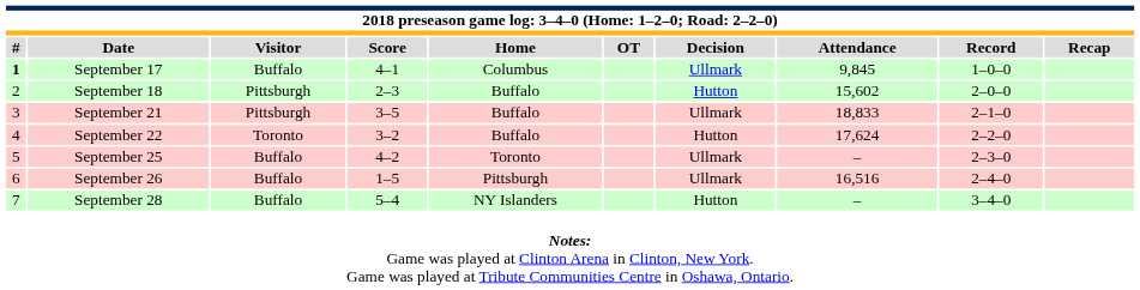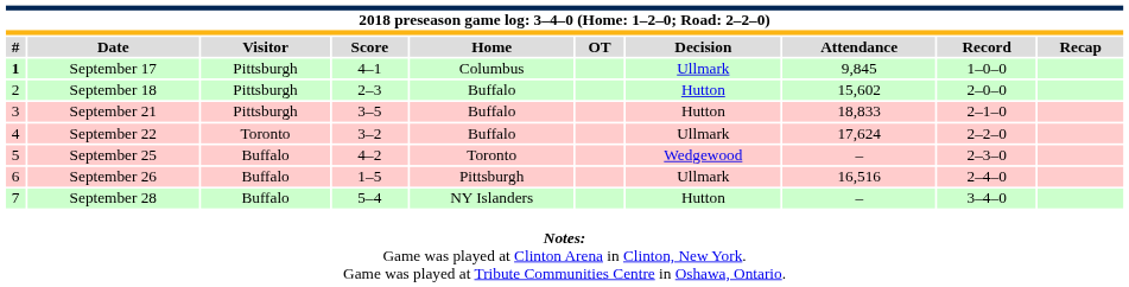 <table class="toccolours collapsible collapsed" style="width:90%; clear:both; margin:1.5em auto; text-align:center;">
 <tr>
 <th colspan="10" style="background:#FFFFFF; border-top:#002654 5px solid; border-bottom:#FCB514 5px solid;">2018 preseason game log: 3–4–0 (Home: 1–2–0; Road: 2–2–0)</th>
 </tr>
 <tr style="background:#ddd;">
 <th>#</th>
 <th>Date</th>
 <th>Visitor</th>
 <th>Score</th>
 <th>Home</th>
 <th>OT</th>
 <th>Decision</th>
 <th>Attendance</th>
 <th>Record</th>
 <th>Recap</th>
 </tr>
 <tr style="background:#cfc;">
 <td><strong>1</strong></td>
 <td>September 17</td>
-<td>Buffalo</td>
+<td>Pittsburgh</td>
 <td>4–1</td>
 <td>Columbus</td>
 <td></td>
 <td><a href='#'>Ullmark</a></td>
 <td>9,845</td>
 <td>1–0–0</td>
 <td></td>
 </tr>
 <tr style="background:#cfc;">
 <td>2</td>
 <td>September 18</td>
 <td>Pittsburgh</td>
 <td>2–3</td>
 <td>Buffalo</td>
 <td></td>
 <td><a href='#'>Hutton</a></td>
 <td>15,602</td>
 <td>2–0–0</td>
 <td></td>
 </tr>
 <tr style="background:#fcc;">
 <td>3</td>
 <td>September 21</td>
 <td>Pittsburgh</td>
 <td>3–5</td>
 <td>Buffalo</td>
 <td></td>
-<td>Ullmark</td>
+<td>Hutton</td>
 <td>18,833</td>
 <td>2–1–0</td>
 <td></td>
 </tr>
 <tr style="background:#fcc;">
 <td>4</td>
 <td>September 22</td>
 <td>Toronto</td>
 <td>3–2</td>
 <td>Buffalo</td>
 <td></td>
-<td>Hutton</td>
+<td>Ullmark</td>
 <td>17,624</td>
 <td>2–2–0</td>
 <td></td>
 </tr>
 <tr style="background:#fcc;">
 <td>5</td>
 <td>September 25</td>
 <td>Buffalo</td>
 <td>4–2</td>
 <td>Toronto</td>
 <td></td>
-<td>Ullmark</td>
+<td><a href='#'>Wedgewood</a></td>
 <td>–</td>
 <td>2–3–0</td>
 <td></td>
 </tr>
 <tr style="background:#fcc;">
 <td>6</td>
 <td>September 26</td>
 <td>Buffalo</td>
 <td>1–5</td>
 <td>Pittsburgh</td>
 <td></td>
 <td>Ullmark</td>
 <td>16,516</td>
 <td>2–4–0</td>
 <td></td>
 </tr>
 <tr style="background:#cfc;">
 <td>7</td>
 <td>September 28</td>
 <td>Buffalo</td>
 <td>5–4</td>
 <td>NY Islanders</td>
 <td></td>
 <td>Hutton</td>
 <td>–</td>
 <td>3–4–0</td>
 <td></td>
 </tr>
 <tr>
 <td colspan="10" style="text-align:center;"><br><strong><em>Notes:</em></strong><br>  Game was played at <a href='#'>Clinton Arena</a> in <a href='#'>Clinton, New York</a>.<br>  Game was played at <a href='#'>Tribute Communities Centre</a> in <a href='#'>Oshawa, Ontario</a>.</td>
 </tr>
 </table>
